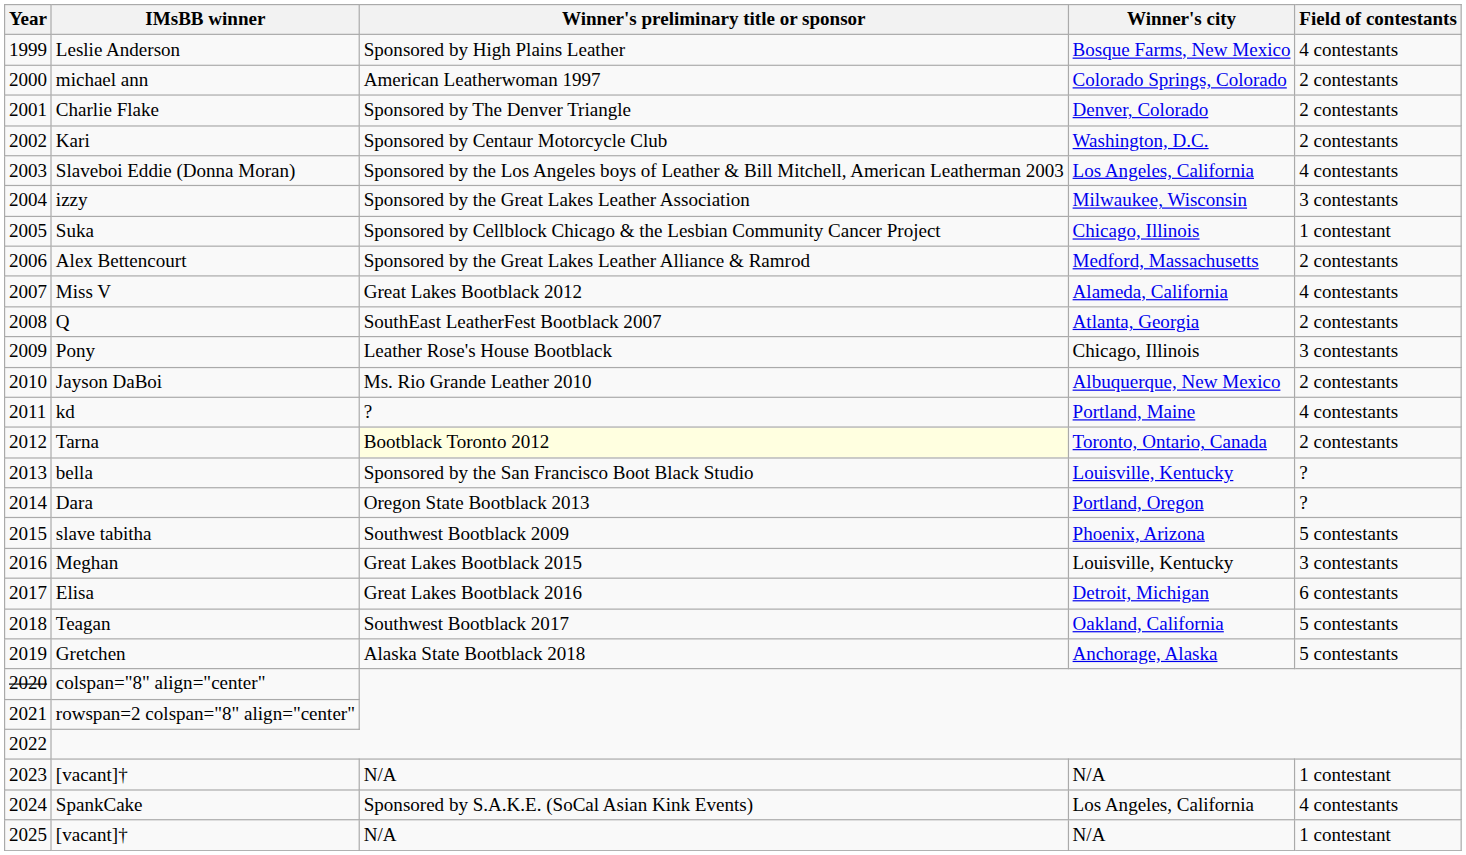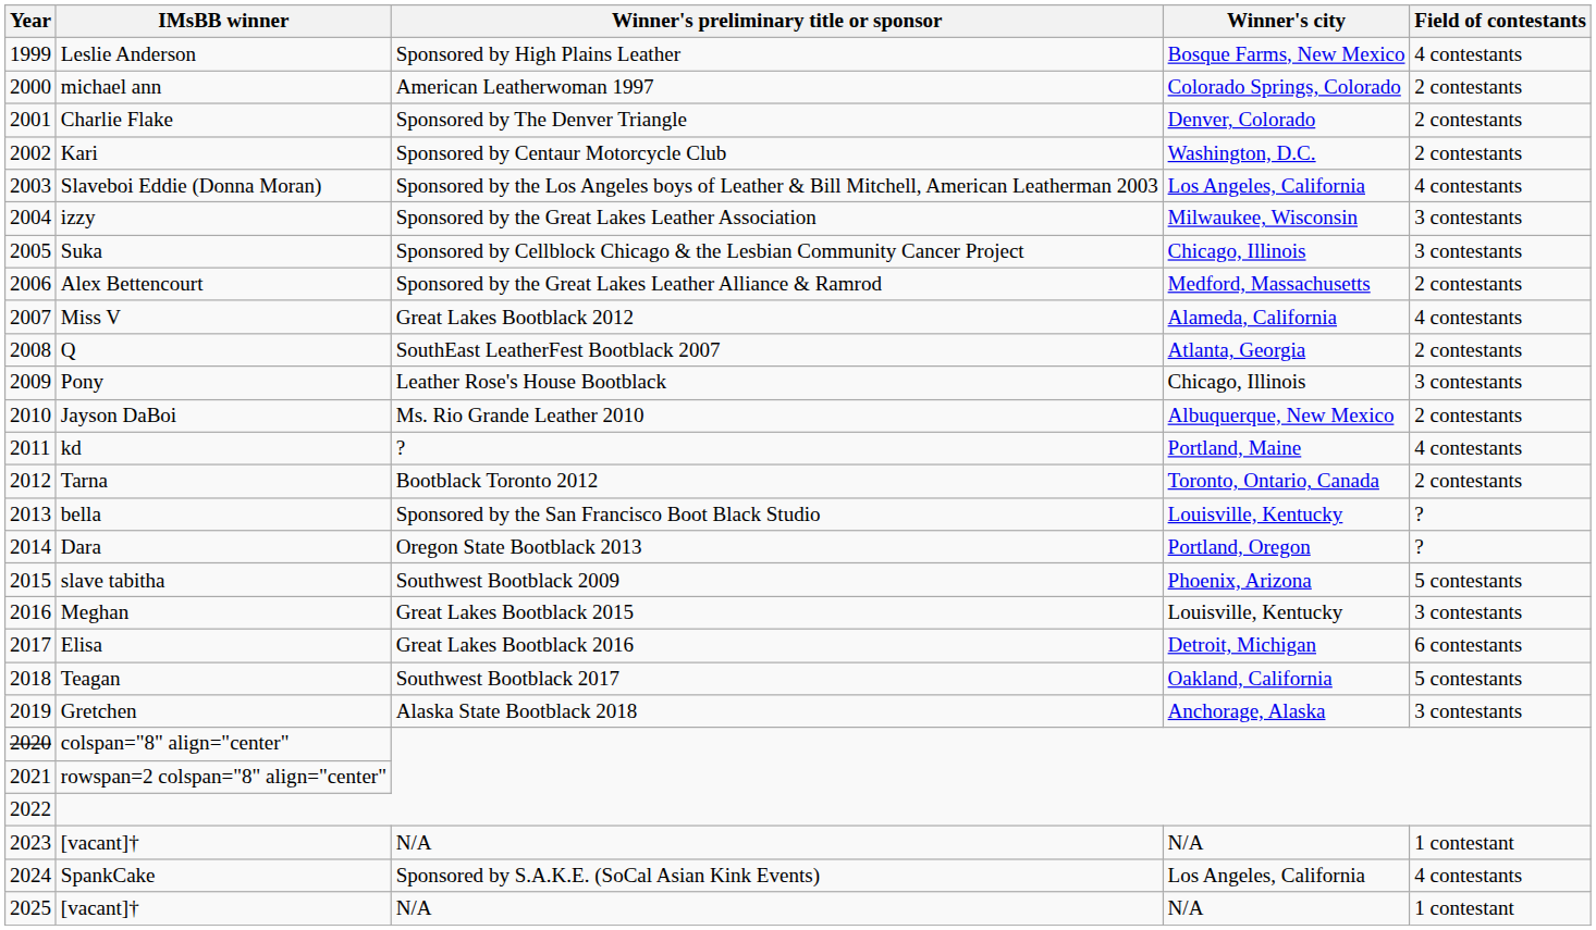 <table class="wikitable">
 <tr>
 <th>Year</th>
 <th>IMsBB winner</th>
 <th>Winner's preliminary title or sponsor</th>
 <th>Winner's city</th>
 <th>Field of contestants</th>
 </tr>
 <tr>
 <td>1999</td>
 <td>Leslie Anderson</td>
 <td>Sponsored by High Plains Leather</td>
 <td><a href='#'>Bosque Farms, New Mexico</a></td>
 <td>4 contestants</td>
 </tr>
 <tr>
 <td>2000</td>
 <td>michael ann</td>
 <td>American Leatherwoman 1997</td>
 <td><a href='#'>Colorado Springs, Colorado</a></td>
 <td>2 contestants</td>
 </tr>
 <tr>
 <td>2001</td>
 <td>Charlie Flake</td>
 <td>Sponsored by The Denver Triangle</td>
 <td><a href='#'>Denver, Colorado</a></td>
 <td>2 contestants</td>
 </tr>
 <tr>
 <td>2002</td>
 <td>Kari</td>
 <td>Sponsored by Centaur Motorcycle Club</td>
 <td><a href='#'>Washington, D.C.</a></td>
 <td>2 contestants</td>
 </tr>
 <tr>
 <td>2003</td>
 <td>Slaveboi Eddie (Donna Moran)</td>
 <td>Sponsored by the Los Angeles boys of Leather & Bill Mitchell, American Leatherman 2003</td>
 <td><a href='#'>Los Angeles, California</a></td>
 <td>4 contestants</td>
 </tr>
 <tr>
 <td>2004</td>
 <td>izzy</td>
 <td>Sponsored by the Great Lakes Leather Association</td>
 <td><a href='#'>Milwaukee, Wisconsin</a></td>
 <td>3 contestants</td>
 </tr>
 <tr>
 <td>2005</td>
 <td>Suka</td>
 <td>Sponsored by Cellblock Chicago & the Lesbian Community Cancer Project</td>
 <td><a href='#'>Chicago, Illinois</a></td>
-<td>1 contestant</td>
+<td>3 contestants</td>
 </tr>
 <tr>
 <td>2006</td>
 <td>Alex Bettencourt</td>
 <td>Sponsored by the Great Lakes Leather Alliance & Ramrod</td>
 <td><a href='#'>Medford, Massachusetts</a></td>
 <td>2 contestants</td>
 </tr>
 <tr>
 <td>2007</td>
 <td>Miss V</td>
 <td>Great Lakes Bootblack 2012</td>
 <td><a href='#'>Alameda, California</a></td>
 <td>4 contestants</td>
 </tr>
 <tr>
 <td>2008</td>
 <td>Q</td>
 <td>SouthEast LeatherFest Bootblack 2007</td>
 <td><a href='#'>Atlanta, Georgia</a></td>
 <td>2 contestants</td>
 </tr>
 <tr>
 <td>2009</td>
 <td>Pony</td>
 <td>Leather Rose's House Bootblack</td>
 <td>Chicago, Illinois</td>
 <td>3 contestants</td>
 </tr>
 <tr>
 <td>2010</td>
 <td>Jayson DaBoi</td>
 <td>Ms. Rio Grande Leather 2010</td>
 <td><a href='#'>Albuquerque, New Mexico</a></td>
 <td>2 contestants</td>
 </tr>
 <tr>
 <td>2011</td>
 <td>kd</td>
 <td>?</td>
 <td><a href='#'>Portland, Maine</a></td>
 <td>4 contestants</td>
 </tr>
 <tr>
 <td>2012</td>
 <td>Tarna</td>
-<td style="background: lightyellow;">Bootblack Toronto 2012</td>
+<td>Bootblack Toronto 2012</td>
 <td><a href='#'>Toronto, Ontario, Canada</a></td>
 <td>2 contestants</td>
 </tr>
 <tr>
 <td>2013</td>
 <td>bella</td>
 <td>Sponsored by the San Francisco Boot Black Studio</td>
 <td><a href='#'>Louisville, Kentucky</a></td>
 <td>?</td>
 </tr>
 <tr>
 <td>2014</td>
 <td>Dara</td>
 <td>Oregon State Bootblack 2013</td>
 <td><a href='#'>Portland, Oregon</a></td>
 <td>?</td>
 </tr>
 <tr>
 <td>2015</td>
 <td>slave tabitha</td>
 <td>Southwest Bootblack 2009</td>
 <td><a href='#'>Phoenix, Arizona</a></td>
 <td>5 contestants</td>
 </tr>
 <tr>
 <td>2016</td>
 <td>Meghan</td>
 <td>Great Lakes Bootblack 2015</td>
 <td>Louisville, Kentucky</td>
 <td>3 contestants</td>
 </tr>
 <tr>
 <td>2017</td>
 <td>Elisa</td>
 <td>Great Lakes Bootblack 2016</td>
 <td><a href='#'>Detroit, Michigan</a></td>
 <td>6 contestants</td>
 </tr>
 <tr>
 <td>2018</td>
 <td>Teagan</td>
 <td>Southwest Bootblack 2017</td>
 <td><a href='#'>Oakland, California</a></td>
 <td>5 contestants</td>
 </tr>
 <tr>
 <td>2019</td>
 <td>Gretchen</td>
 <td>Alaska State Bootblack 2018</td>
 <td><a href='#'>Anchorage, Alaska</a></td>
-<td>5 contestants</td>
+<td>3 contestants</td>
 </tr>
 <tr>
 <td><s>2020</s></td>
 <td>colspan="8" align="center" </td>
 </tr>
 <tr>
 <td>2021</td>
 <td>rowspan=2 colspan="8" align="center" </td>
 </tr>
 <tr>
 <td>2022</td>
 </tr>
 <tr>
 <td>2023</td>
 <td>[vacant]†</td>
 <td>N/A</td>
 <td>N/A</td>
 <td>1 contestant</td>
 </tr>
 <tr>
 <td>2024</td>
 <td>SpankCake</td>
 <td>Sponsored by S.A.K.E. (SoCal Asian Kink Events)</td>
 <td>Los Angeles, California</td>
 <td>4 contestants</td>
 </tr>
 <tr>
 <td>2025</td>
 <td>[vacant]†</td>
 <td>N/A</td>
 <td>N/A</td>
 <td>1 contestant</td>
 </tr>
 </table>
